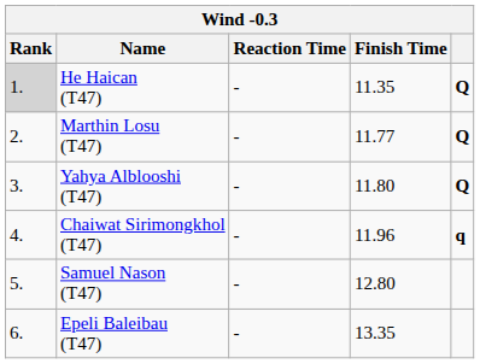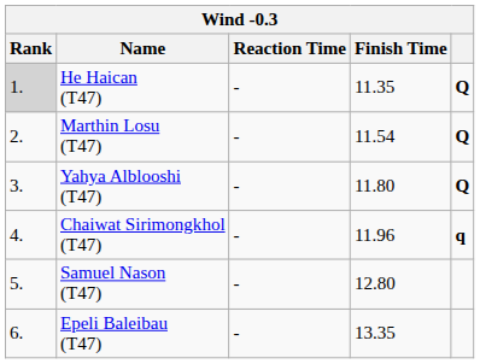 <table class="wikitable">
 <tr>
 <th colspan="5">Wind -0.3</th>
 </tr>
 <tr>
 <th>Rank</th>
 <th>Name</th>
 <th>Reaction Time</th>
 <th>Finish Time</th>
 <th></th>
 </tr>
 <tr>
 <td style="background: lightgrey;">1.</td>
 <td><a href='#'>He Haican</a><br>(T47) <br> </td>
 <td>-</td>
 <td>11.35</td>
 <td><strong>Q</strong></td>
 </tr>
 <tr>
 <td>2.</td>
 <td><a href='#'>Marthin Losu</a><br>(T47) <br> </td>
 <td>-</td>
-<td>11.77</td>
+<td>11.54</td>
 <td><strong>Q</strong></td>
 </tr>
 <tr>
 <td>3.</td>
 <td><a href='#'>Yahya Alblooshi</a><br>(T47) <br> </td>
 <td>-</td>
 <td>11.80</td>
 <td><strong>Q</strong></td>
 </tr>
 <tr>
 <td>4.</td>
 <td><a href='#'>Chaiwat Sirimongkhol</a><br>(T47) <br> </td>
 <td>-</td>
 <td>11.96</td>
 <td><strong>q</strong></td>
 </tr>
 <tr>
 <td>5.</td>
 <td><a href='#'>Samuel Nason</a><br>(T47) <br> </td>
 <td>-</td>
 <td>12.80</td>
 <td></td>
 </tr>
 <tr>
 <td>6.</td>
 <td><a href='#'>Epeli Baleibau</a><br>(T47) <br> </td>
 <td>-</td>
 <td>13.35</td>
 <td></td>
 </tr>
 </table>
